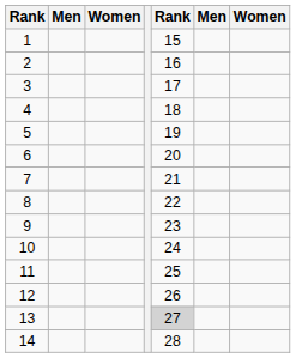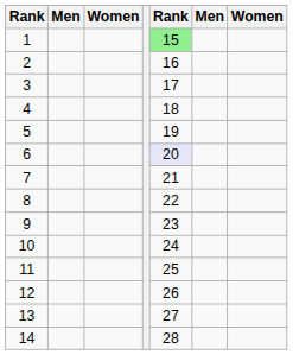 <table class="wikitable" style="margin:0.5em auto; font-size:90%;">
 <tr>
 <th>Rank</th>
 <th>Men</th>
 <th>Women</th>
 <th rowspan="15"></th>
 <th>Rank</th>
 <th>Men</th>
 <th>Women</th>
 </tr>
 <tr>
 <td align="center">1</td>
 <td></td>
 <td></td>
-<td align="center">15</td>
+<td align="center" style="background: lightgreen;">15</td>
 <td></td>
 <td></td>
 </tr>
 <tr>
 <td align="center">2</td>
 <td></td>
 <td></td>
 <td align="center">16</td>
 <td></td>
 <td></td>
 </tr>
 <tr>
 <td align="center">3</td>
 <td></td>
 <td></td>
 <td align="center">17</td>
 <td></td>
 <td></td>
 </tr>
 <tr>
 <td align="center">4</td>
 <td></td>
 <td></td>
 <td align="center">18</td>
 <td></td>
 <td></td>
 </tr>
 <tr>
 <td align="center">5</td>
 <td></td>
 <td></td>
 <td align="center">19</td>
 <td></td>
 <td></td>
 </tr>
 <tr>
 <td align="center">6</td>
 <td></td>
 <td></td>
-<td align="center">20</td>
+<td align="center" style="background: lavender;">20</td>
 <td></td>
 <td></td>
 </tr>
 <tr>
 <td align="center">7</td>
 <td></td>
 <td></td>
 <td align="center">21</td>
 <td></td>
 <td></td>
 </tr>
 <tr>
 <td align="center">8</td>
 <td></td>
 <td></td>
 <td align="center">22</td>
 <td></td>
 <td></td>
 </tr>
 <tr>
 <td align="center">9</td>
 <td></td>
 <td></td>
 <td align="center">23</td>
 <td></td>
 <td></td>
 </tr>
 <tr>
 <td align="center">10</td>
 <td></td>
 <td></td>
 <td align="center">24</td>
 <td></td>
 <td></td>
 </tr>
 <tr>
 <td align="center">11</td>
 <td></td>
 <td></td>
 <td align="center">25</td>
 <td></td>
 <td></td>
 </tr>
 <tr>
 <td align="center">12</td>
 <td></td>
 <td></td>
 <td align="center">26</td>
 <td></td>
 <td></td>
 </tr>
 <tr>
 <td align="center">13</td>
 <td></td>
 <td></td>
-<td align="center" style="background: lightgrey;">27</td>
+<td align="center">27</td>
 <td></td>
 <td></td>
 </tr>
 <tr>
 <td align="center">14</td>
 <td></td>
 <td></td>
 <td align="center">28</td>
 <td></td>
 <td></td>
 </tr>
 </table>
